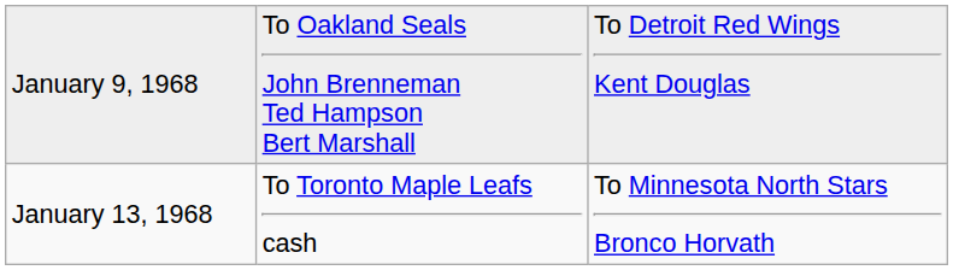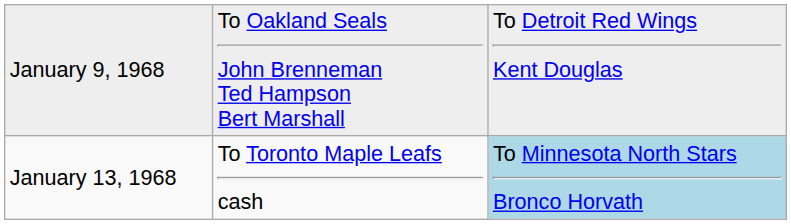 <table class="wikitable" style="border:1px solid #999; width:580px;">
 <tr style="background:#eee;">
 <td>January 9, 1968</td>
 <td valign="top">To <a href='#'>Oakland Seals</a><hr><a href='#'>John Brenneman</a><br><a href='#'>Ted Hampson</a><br><a href='#'>Bert Marshall</a></td>
 <td valign="top">To <a href='#'>Detroit Red Wings</a><hr><a href='#'>Kent Douglas</a></td>
 </tr>
 <tr>
 <td>January 13, 1968</td>
 <td valign="top">To <a href='#'>Toronto Maple Leafs</a><hr>cash</td>
-<td valign="top">To <a href='#'>Minnesota North Stars</a><hr><a href='#'>Bronco Horvath</a></td>
+<td valign="top" style="background: lightblue;">To <a href='#'>Minnesota North Stars</a><hr><a href='#'>Bronco Horvath</a></td>
 </tr>
 </table>
